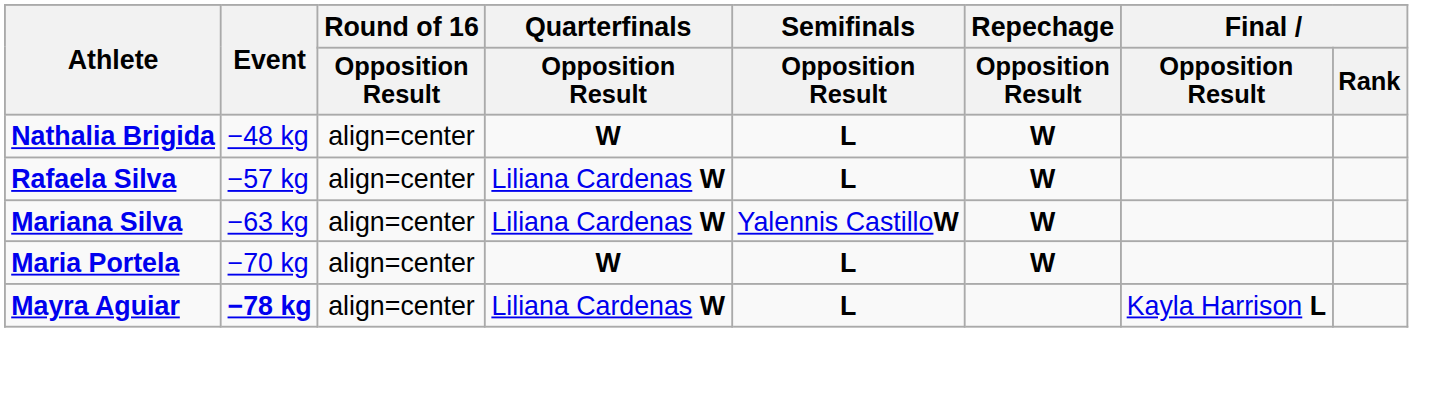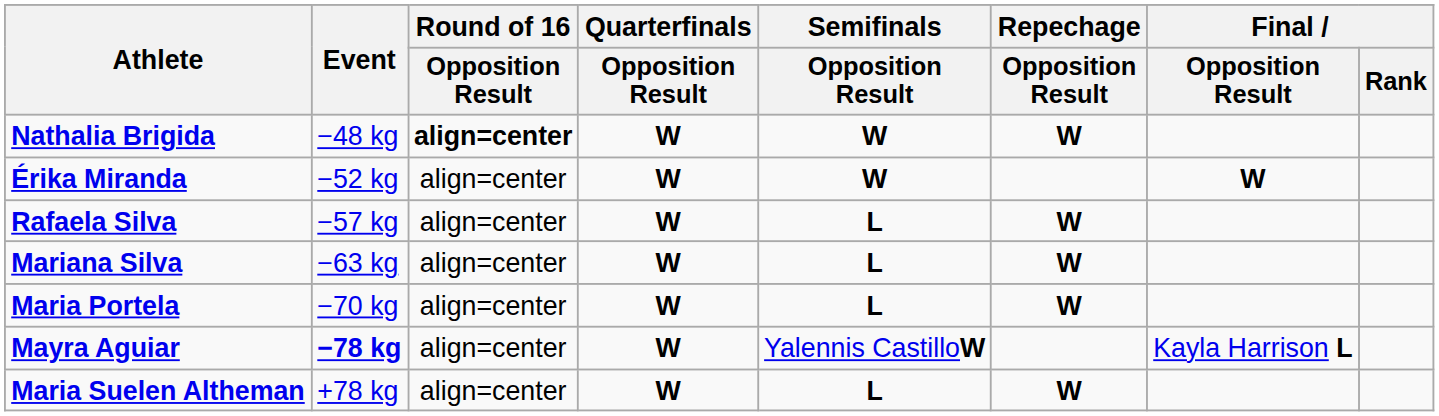 <table class="wikitable" style="font-size:90%">
 <tr>
 <th rowspan=2>Athlete</th>
 <th rowspan=2>Event</th>
 <th>Round of 16</th>
 <th>Quarterfinals</th>
 <th>Semifinals</th>
 <th>Repechage</th>
 <th colspan=2>Final / </th>
 </tr>
 <tr style="font-size:95%">
 <th>Opposition<br>Result</th>
 <th>Opposition<br>Result</th>
 <th>Opposition<br>Result</th>
 <th>Opposition<br>Result</th>
 <th>Opposition<br>Result</th>
 <th>Rank</th>
 </tr>
 <tr align=center>
 <td align=left><strong><a href='#'>Nathalia Brigida</a></strong></td>
 <td align=left><a href='#'>−48 kg</a></td>
+<td><strong>align=center </strong></td>
+<td><strong>W</strong></td>
+<td><strong>W</strong></td>
+<td><strong>W</strong></td>
+<td></td>
+<td></td>
+</tr>
+<tr align=center>
+<td align=left><strong><a href='#'>Érika Miranda</a></strong></td>
+<td align=left><a href='#'>−52 kg</a></td>
 <td>align=center </td>
 <td><strong>W</strong></td>
-<td><strong>L</strong></td>
 <td><strong>W</strong></td>
 <td></td>
+<td><strong>W</strong></td>
 <td></td>
 </tr>
 <tr align=center>
 <td align=left><strong><a href='#'>Rafaela Silva</a></strong></td>
 <td align=left><a href='#'>−57 kg</a></td>
 <td>align=center </td>
-<td><a href='#'>Liliana Cardenas</a> <strong>W</strong></td>
+<td><strong>W</strong></td>
 <td><strong>L</strong></td>
 <td><strong>W</strong></td>
 <td></td>
 <td></td>
 </tr>
 <tr align=center>
 <td align=left><strong><a href='#'>Mariana Silva</a></strong></td>
 <td align=left><a href='#'>−63 kg</a></td>
 <td>align=center </td>
-<td><a href='#'>Liliana Cardenas</a> <strong>W</strong></td>
-<td><a href='#'>Yalennis Castillo</a><strong>W</strong></td>
+<td><strong>W</strong></td>
+<td><strong>L</strong></td>
 <td><strong>W</strong></td>
 <td></td>
 <td></td>
 </tr>
 <tr align=center>
 <td align=left><strong><a href='#'>Maria Portela</a></strong></td>
 <td align=left><a href='#'>−70 kg</a></td>
 <td>align=center </td>
 <td><strong>W</strong></td>
 <td><strong>L</strong></td>
 <td><strong>W</strong></td>
 <td></td>
 <td></td>
 </tr>
 <tr align=center>
 <td align=left><strong><a href='#'>Mayra Aguiar</a></strong></td>
 <td align=left><strong><a href='#'>−78 kg</a></strong></td>
 <td>align=center </td>
-<td><a href='#'>Liliana Cardenas</a> <strong>W</strong></td>
-<td><strong>L</strong></td>
+<td><strong>W</strong></td>
+<td><a href='#'>Yalennis Castillo</a><strong>W</strong></td>
 <td></td>
 <td> <a href='#'>Kayla Harrison</a> <strong>L</strong></td>
 <td></td>
 </tr>
+<tr align=center>
+<td align=left><strong><a href='#'>Maria Suelen Altheman</a></strong></td>
+<td align=left><a href='#'>+78 kg</a></td>
+<td>align=center </td>
+<td><strong>W</strong></td>
+<td><strong>L</strong></td>
+<td><strong>W</strong></td>
+<td></td>
+<td></td>
+</tr>
 </table>
